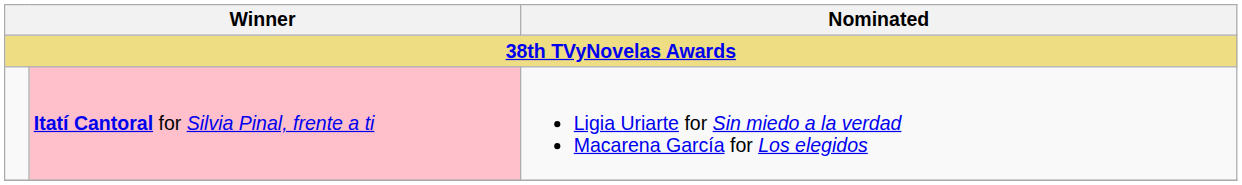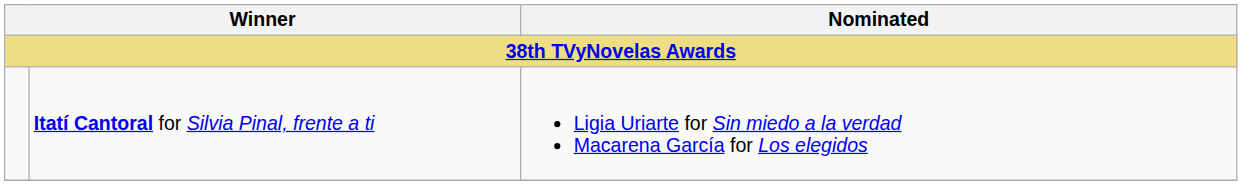 <table class="wikitable" width=80%>
 <tr align=center>
 <th width="150px;" colspan=2; align="center">Winner</th>
 <th width="580px;" align="center">Nominated</th>
 </tr>
 <tr>
 <th colspan=9 style="background:#EEDD82;"  align="center"><strong><a href='#'>38th TVyNovelas Awards</a></strong></th>
 </tr>
 <tr>
 <td width=2%></td>
-<td style="background: pink;"><strong><a href='#'>Itatí Cantoral</a></strong> for <em><a href='#'>Silvia Pinal, frente a ti</a></em></td>
+<td><strong><a href='#'>Itatí Cantoral</a></strong> for <em><a href='#'>Silvia Pinal, frente a ti</a></em></td>
 <td><br><ul><li><a href='#'>Ligia Uriarte</a> for <em><a href='#'>Sin miedo a la verdad</a></em></li><li><a href='#'>Macarena García</a> for <em><a href='#'>Los elegidos</a></em></li></ul></td>
 </tr>
 <tr>
 </tr>
 </table>
